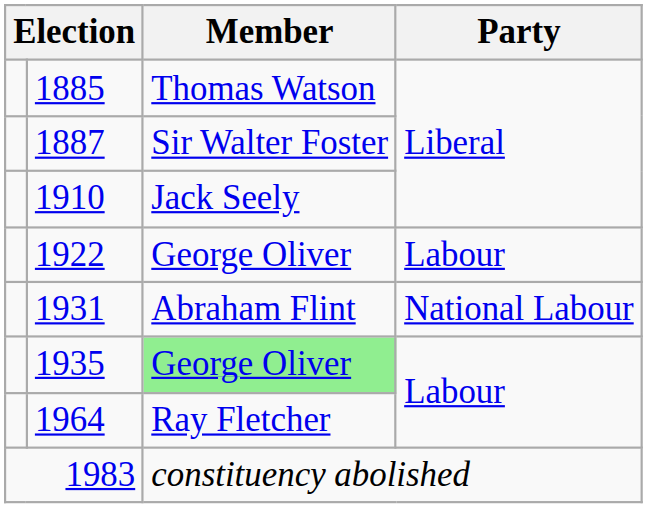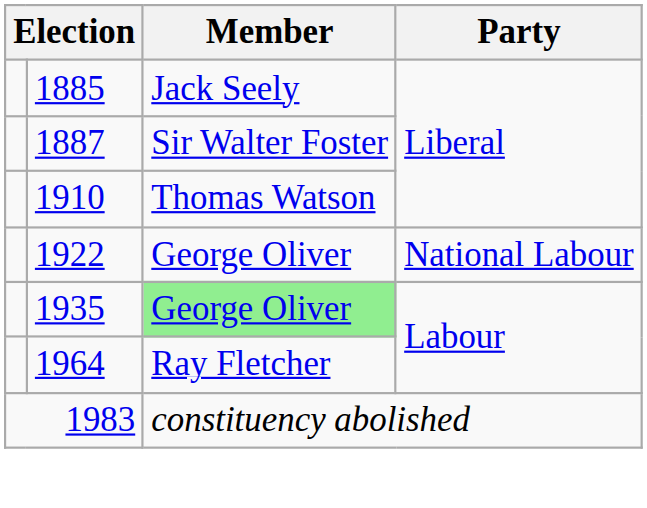 <table class="wikitable">
 <tr>
 <th colspan="2">Election</th>
 <th>Member</th>
 <th>Party</th>
 </tr>
 <tr>
 <td style="color:inherit;background-color: "></td>
 <td><a href='#'>1885</a></td>
-<td><a href='#'>Thomas Watson</a></td>
+<td><a href='#'>Jack Seely</a></td>
 <td rowspan="3"><a href='#'>Liberal</a></td>
 </tr>
 <tr>
 <td style="color:inherit;background-color: "></td>
 <td><a href='#'>1887</a></td>
 <td><a href='#'>Sir Walter Foster</a></td>
 </tr>
 <tr>
 <td style="color:inherit;background-color: "></td>
 <td><a href='#'>1910</a></td>
-<td><a href='#'>Jack Seely</a></td>
+<td><a href='#'>Thomas Watson</a></td>
 </tr>
 <tr>
 <td style="color:inherit;background-color: "></td>
 <td><a href='#'>1922</a></td>
 <td><a href='#'>George Oliver</a></td>
-<td><a href='#'>Labour</a></td>
-</tr>
-<tr>
-<td style="color:inherit;background-color: "></td>
-<td><a href='#'>1931</a></td>
-<td><a href='#'>Abraham Flint</a></td>
 <td><a href='#'>National Labour</a></td>
 </tr>
 <tr>
 <td style="color:inherit;background-color: "></td>
 <td><a href='#'>1935</a></td>
 <td style="background: lightgreen;"><a href='#'>George Oliver</a></td>
 <td rowspan="2"><a href='#'>Labour</a></td>
 </tr>
 <tr>
 <td style="color:inherit;background-color: "></td>
 <td><a href='#'>1964</a></td>
 <td><a href='#'>Ray Fletcher</a></td>
 </tr>
 <tr>
 <td colspan="2" align="right"><a href='#'>1983</a></td>
 <td colspan="2"><em>constituency abolished</em></td>
 </tr>
 </table>
